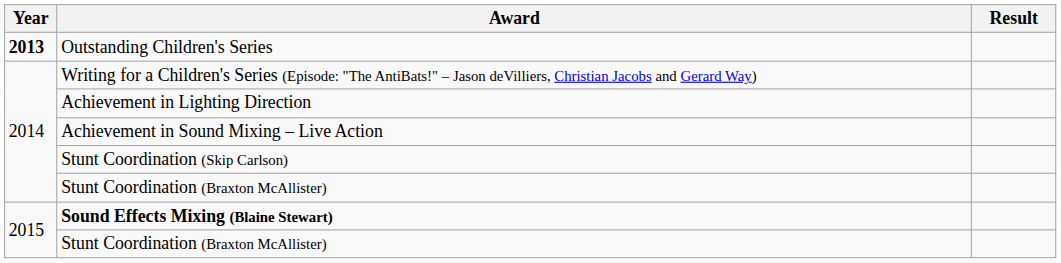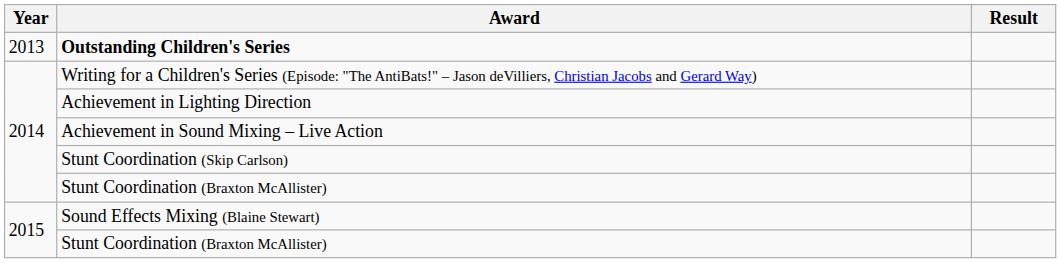 <table class="wikitable" style="border:1; width:75%;">
 <tr>
 <th style="width:5%">Year</th>
 <th>Award</th>
 <th style="width:8%">Result</th>
 </tr>
 <tr>
-<td><strong>2013</strong></td>
-<td>Outstanding Children's Series</td>
+<td>2013</td>
+<td><strong>Outstanding Children's Series</strong></td>
 <td></td>
 </tr>
 <tr>
 <td rowspan=5>2014</td>
 <td>Writing for a Children's Series <small>(Episode: "The AntiBats!" – Jason deVilliers, <a href='#'>Christian Jacobs</a> and <a href='#'>Gerard Way</a>)</small></td>
 <td></td>
 </tr>
 <tr>
 <td>Achievement in Lighting Direction</td>
 <td></td>
 </tr>
 <tr>
 <td>Achievement in Sound Mixing – Live Action</td>
 <td></td>
 </tr>
 <tr>
 <td>Stunt Coordination <small>(Skip Carlson)</small></td>
 <td></td>
 </tr>
 <tr>
 <td>Stunt Coordination <small>(Braxton McAllister)</small></td>
 <td></td>
 </tr>
 <tr>
 <td rowspan=2>2015</td>
-<td><strong>Sound Effects Mixing <small>(Blaine Stewart)</small></strong></td>
+<td>Sound Effects Mixing <small>(Blaine Stewart)</small></td>
 <td></td>
 </tr>
 <tr>
 <td>Stunt Coordination <small>(Braxton McAllister)</small></td>
 <td></td>
 </tr>
 </table>
